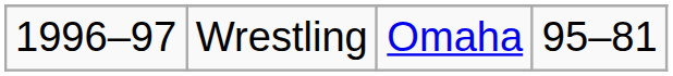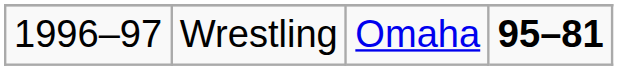 <table class="wikitable" style="text-align:center">
 <tr align="center">
 </tr>
 <tr align="center" bgcolor="">
 <td>1996–97</td>
 <td>Wrestling</td>
 <td><a href='#'>Omaha</a></td>
-<td>95–81</td>
+<td><strong>95–81</strong></td>
 </tr>
 </table>
